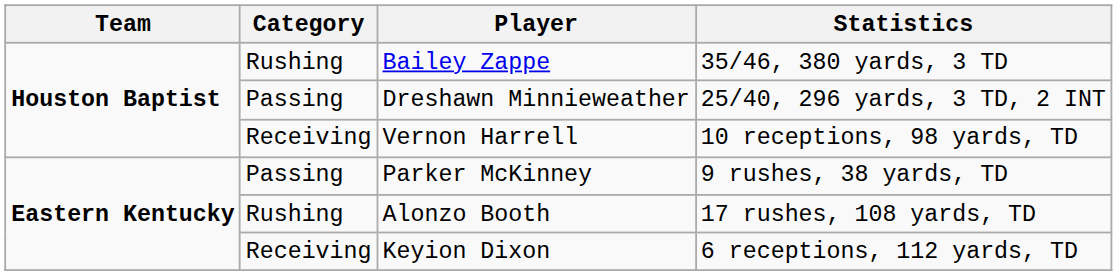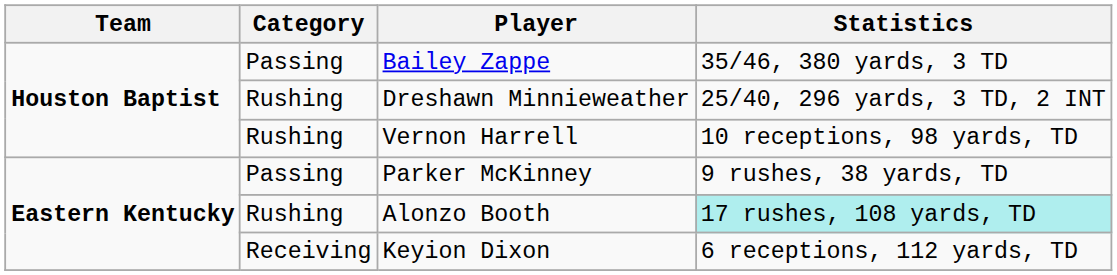 <table class="wikitable" style="float: right;">
 <tr>
 <th>Team</th>
 <th>Category</th>
 <th>Player</th>
 <th>Statistics</th>
 </tr>
 <tr>
 <td rowspan=3><strong>Houston Baptist</strong></td>
-<td>Rushing</td>
+<td>Passing</td>
 <td><a href='#'>Bailey Zappe</a></td>
 <td>35/46, 380 yards, 3 TD</td>
 </tr>
 <tr>
-<td>Passing</td>
+<td>Rushing</td>
 <td>Dreshawn Minnieweather</td>
 <td>25/40, 296 yards, 3 TD, 2 INT</td>
 </tr>
 <tr>
-<td>Receiving</td>
+<td>Rushing</td>
 <td>Vernon Harrell</td>
 <td>10 receptions, 98 yards, TD</td>
 </tr>
 <tr>
 <td rowspan=3><strong>Eastern Kentucky</strong></td>
 <td>Passing</td>
 <td>Parker McKinney</td>
 <td>9 rushes, 38 yards, TD</td>
 </tr>
 <tr>
 <td>Rushing</td>
 <td>Alonzo Booth</td>
-<td>17 rushes, 108 yards, TD</td>
+<td style="background: paleturquoise;">17 rushes, 108 yards, TD</td>
 </tr>
 <tr>
 <td>Receiving</td>
 <td>Keyion Dixon</td>
 <td>6 receptions, 112 yards, TD</td>
 </tr>
 </table>
